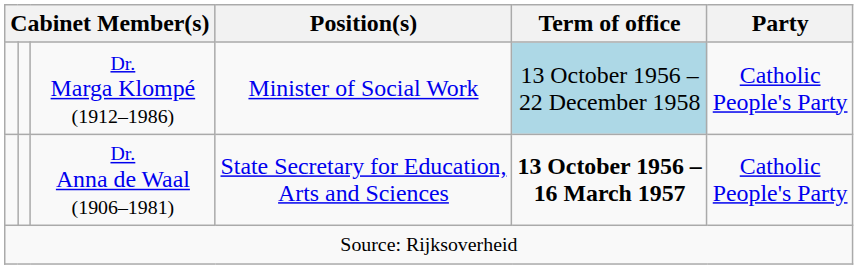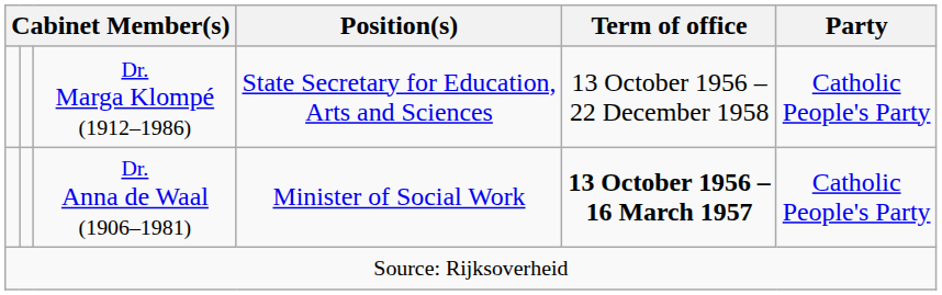 <table class="wikitable" style="text-align:center">
 <tr>
 <th colspan=3>Cabinet Member(s)</th>
 <th>Position(s)</th>
 <th>Term of office</th>
 <th>Party</th>
 </tr>
 <tr>
 <td style="background:"></td>
 <td></td>
 <td><small><a href='#'>Dr.</a></small> <br> <a href='#'>Marga Klompé</a> <br> <small>(1912–1986)</small></td>
-<td><a href='#'>Minister of Social Work</a></td>
-<td style="background: lightblue;">13 October 1956 – <br> 22 December 1958</td>
+<td><a href='#'>State Secretary for Education, <br> Arts and Sciences</a></td>
+<td>13 October 1956 – <br> 22 December 1958</td>
 <td><a href='#'>Catholic <br> People's Party</a></td>
 </tr>
 <tr>
 <td style="background:"></td>
 <td></td>
 <td><small><a href='#'>Dr.</a></small> <br> <a href='#'>Anna de Waal</a> <br> <small>(1906–1981)</small></td>
-<td><a href='#'>State Secretary for Education, <br> Arts and Sciences</a></td>
+<td><a href='#'>Minister of Social Work</a></td>
 <td><strong>13 October 1956 – <br> 16 March 1957</strong></td>
 <td><a href='#'>Catholic <br> People's Party</a></td>
 </tr>
 <tr>
 <td colspan=7><small>Source:   Rijksoverheid</small></td>
 </tr>
 </table>
